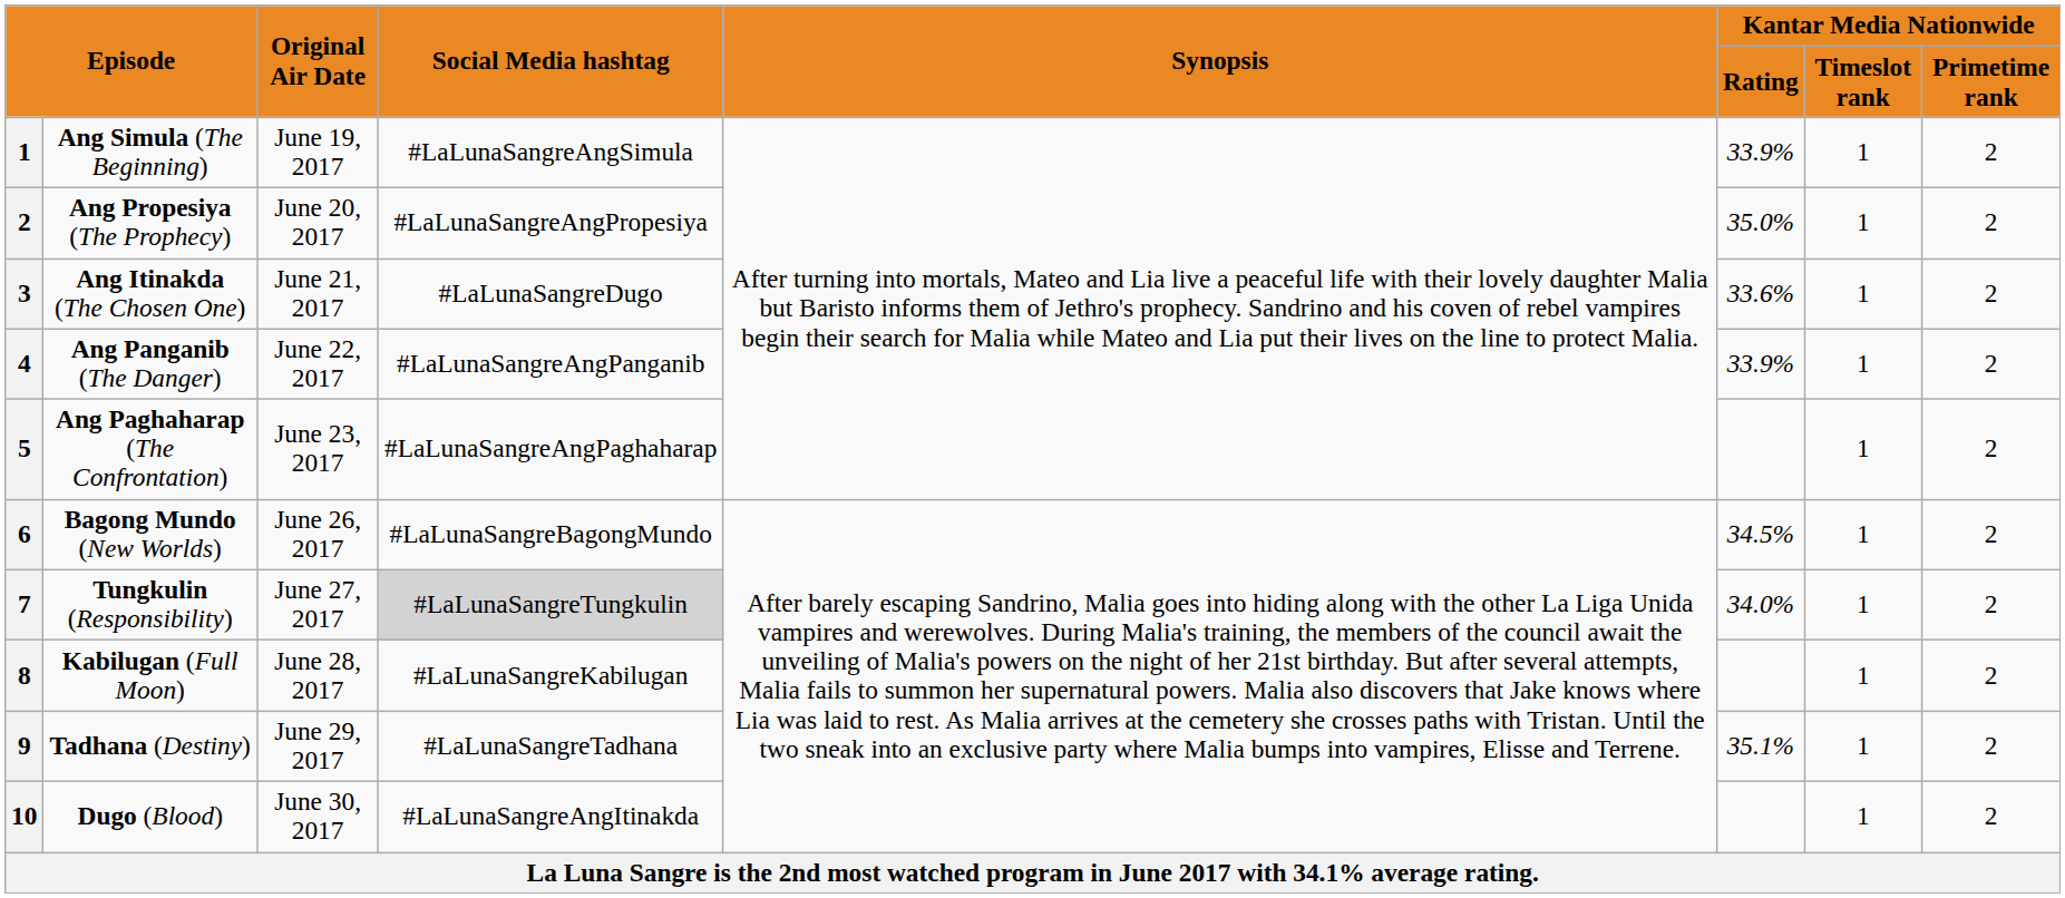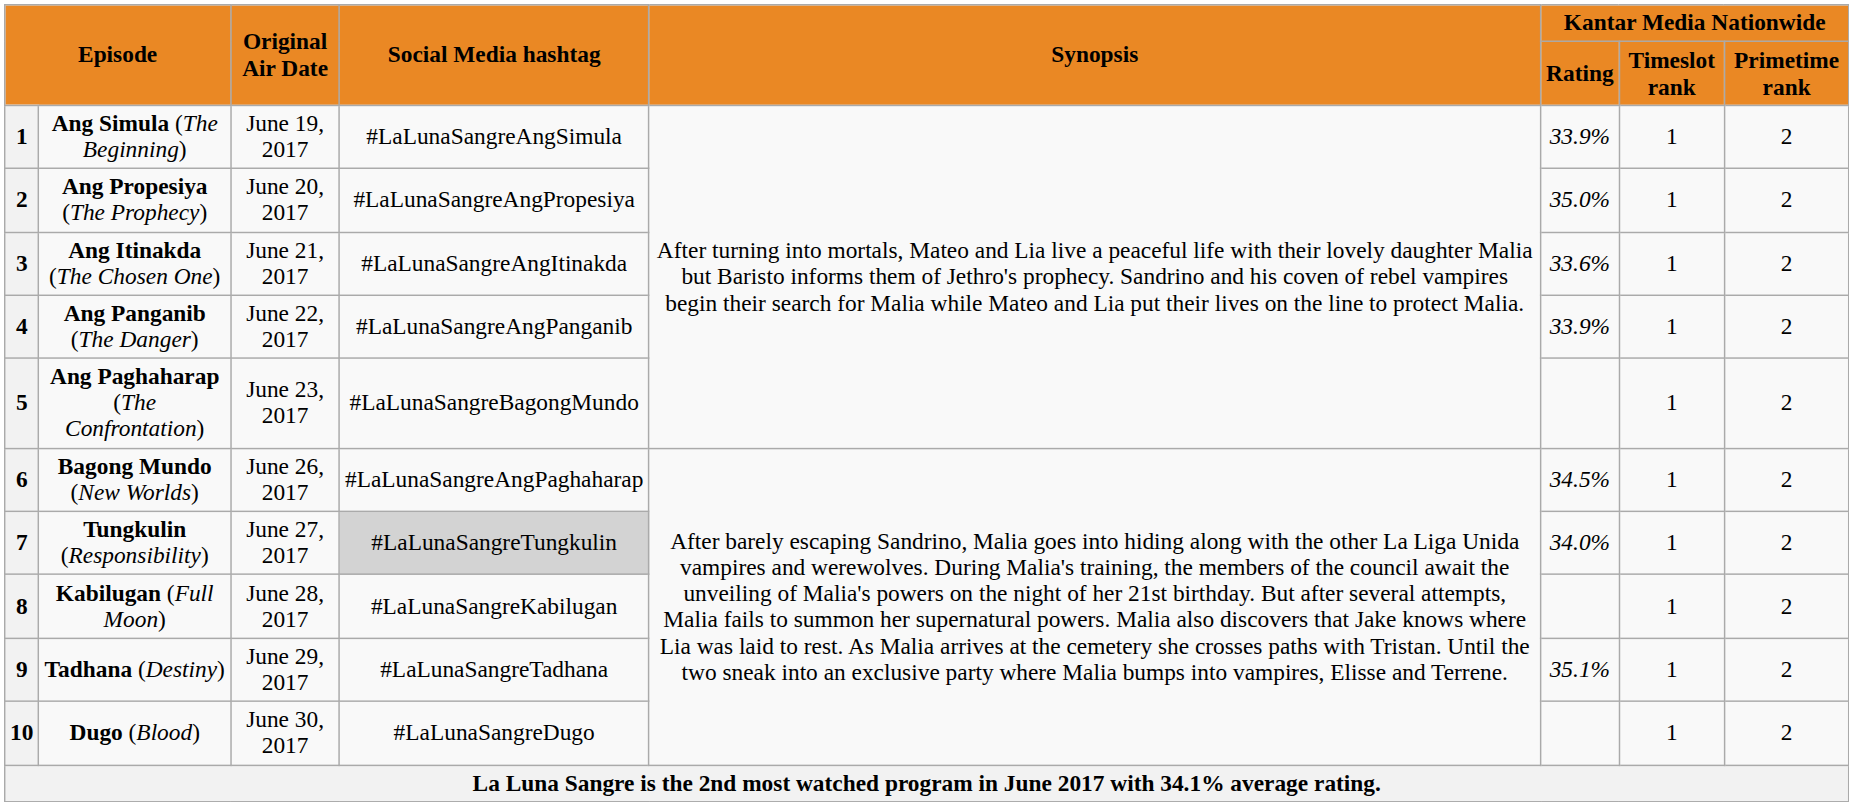 <table class="wikitable" style="text-align:center; font-size:100%; line-height:18px;"  width="100%">
 <tr>
 <th style="background-color:#EA8824; color:#000000;" colspan="2" rowspan="2">Episode</th>
 <th style="background-color:#EA8824; color:#000000;" rowspan="2">Original Air Date</th>
 <th style="background-color:#EA8824; color:#000000;" rowspan="2">Social Media hashtag</th>
 <th style="background-color:#EA8824; color:#000000;" rowspan="2">Synopsis</th>
 <th style="background-color:#EA8824; color:#000000;" colspan="3">Kantar Media Nationwide</th>
 </tr>
 <tr>
 <th style="background-color:#EA8824; color:#000000;">Rating</th>
 <th style="background-color:#EA8824; color:#000000;">Timeslot rank</th>
 <th style="background-color:#EA8824; color:#000000;">Primetime rank</th>
 </tr>
 <tr>
 <th>1</th>
 <td><strong>Ang Simula</strong> (<em>The Beginning</em>)</td>
 <td>June 19, 2017</td>
 <td>#LaLunaSangreAngSimula</td>
 <td rowspan="5">After turning into mortals, Mateo and Lia live a peaceful life with their lovely daughter Malia but Baristo informs them of Jethro's prophecy. Sandrino and his coven of rebel vampires begin their search for Malia while Mateo and Lia put their lives on the line to protect Malia.</td>
 <td><em>33.9%</em></td>
 <td>1</td>
 <td>2</td>
 </tr>
 <tr>
 <th>2</th>
 <td><strong>Ang Propesiya</strong> (<em>The Prophecy</em>)</td>
 <td>June 20, 2017</td>
 <td>#LaLunaSangreAngPropesiya</td>
 <td><em>35.0%</em></td>
 <td>1</td>
 <td>2</td>
 </tr>
 <tr>
 <th>3</th>
 <td><strong>Ang Itinakda</strong> (<em>The Chosen One</em>)</td>
 <td>June 21, 2017</td>
-<td>#LaLunaSangreDugo</td>
+<td>#LaLunaSangreAngItinakda</td>
 <td><em>33.6%</em></td>
 <td>1</td>
 <td>2</td>
 </tr>
 <tr>
 <th>4</th>
 <td><strong>Ang Panganib</strong> (<em>The Danger</em>)</td>
 <td>June 22, 2017</td>
 <td>#LaLunaSangreAngPanganib</td>
 <td><em>33.9%</em></td>
 <td>1</td>
 <td>2</td>
 </tr>
 <tr>
 <th>5</th>
 <td><strong>Ang Paghaharap</strong> (<em>The Confrontation</em>)</td>
 <td>June 23, 2017</td>
-<td>#LaLunaSangreAngPaghaharap</td>
+<td>#LaLunaSangreBagongMundo</td>
 <td></td>
 <td>1</td>
 <td>2</td>
 </tr>
 <tr>
 <th>6</th>
 <td><strong>Bagong Mundo</strong> (<em>New Worlds</em>)</td>
 <td>June 26, 2017</td>
-<td>#LaLunaSangreBagongMundo</td>
+<td>#LaLunaSangreAngPaghaharap</td>
 <td rowspan="5">After barely escaping Sandrino, Malia goes into hiding along with the other La Liga Unida vampires and werewolves. During Malia's training, the members of the council await the unveiling of Malia's powers on the night of her 21st birthday. But after several attempts, Malia fails to summon her supernatural powers. Malia also discovers that Jake knows where Lia was laid to rest. As Malia arrives at the cemetery she crosses paths with Tristan. Until the two sneak into an exclusive party where Malia bumps into vampires, Elisse and Terrene.</td>
 <td><em>34.5%</em></td>
 <td>1</td>
 <td>2</td>
 </tr>
 <tr>
 <th>7</th>
 <td><strong>Tungkulin</strong> (<em>Responsibility</em>)</td>
 <td>June 27, 2017</td>
 <td style="background: lightgrey;">#LaLunaSangreTungkulin</td>
 <td><em>34.0%</em></td>
 <td>1</td>
 <td>2</td>
 </tr>
 <tr>
 <th>8</th>
 <td><strong>Kabilugan</strong> (<em>Full Moon</em>)</td>
 <td>June 28, 2017</td>
 <td>#LaLunaSangreKabilugan</td>
 <td></td>
 <td>1</td>
 <td>2</td>
 </tr>
 <tr>
 <th>9</th>
 <td><strong>Tadhana</strong> (<em>Destiny</em>)</td>
 <td>June 29, 2017</td>
 <td>#LaLunaSangreTadhana</td>
 <td><em>35.1%</em></td>
 <td>1</td>
 <td>2</td>
 </tr>
 <tr>
 <th>10</th>
 <td><strong>Dugo</strong> (<em>Blood</em>)</td>
 <td>June 30, 2017</td>
-<td>#LaLunaSangreAngItinakda</td>
+<td>#LaLunaSangreDugo</td>
 <td></td>
 <td>1</td>
 <td>2</td>
 </tr>
 <tr>
 <th colspan = "8" style="text-align: center; border-: 3px solid #ffba31;">La Luna Sangre is the 2nd most watched program in June 2017 with 34.1% average rating.</th>
 </tr>
 <tr>
 </tr>
 </table>
